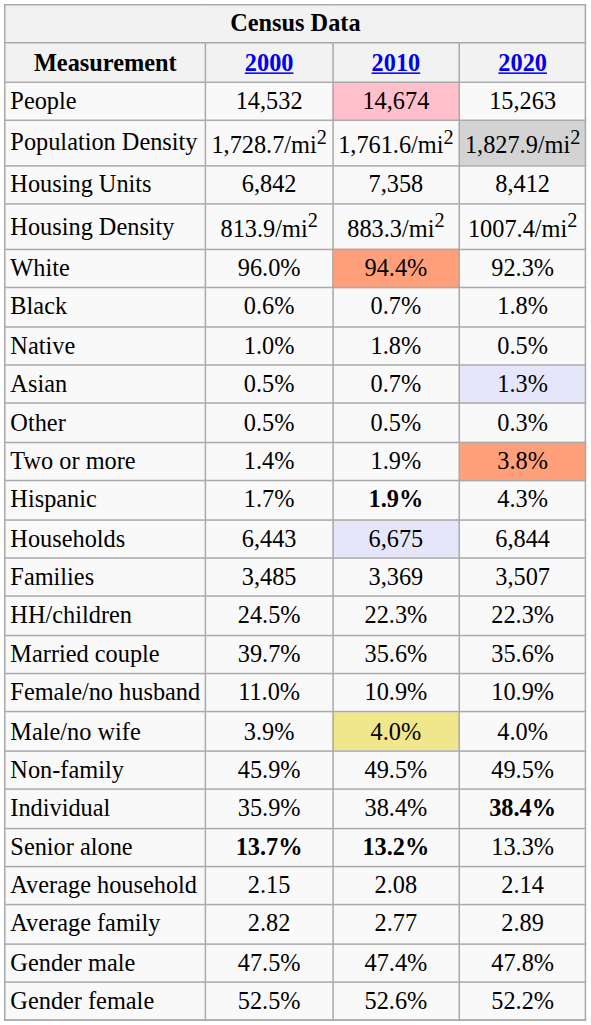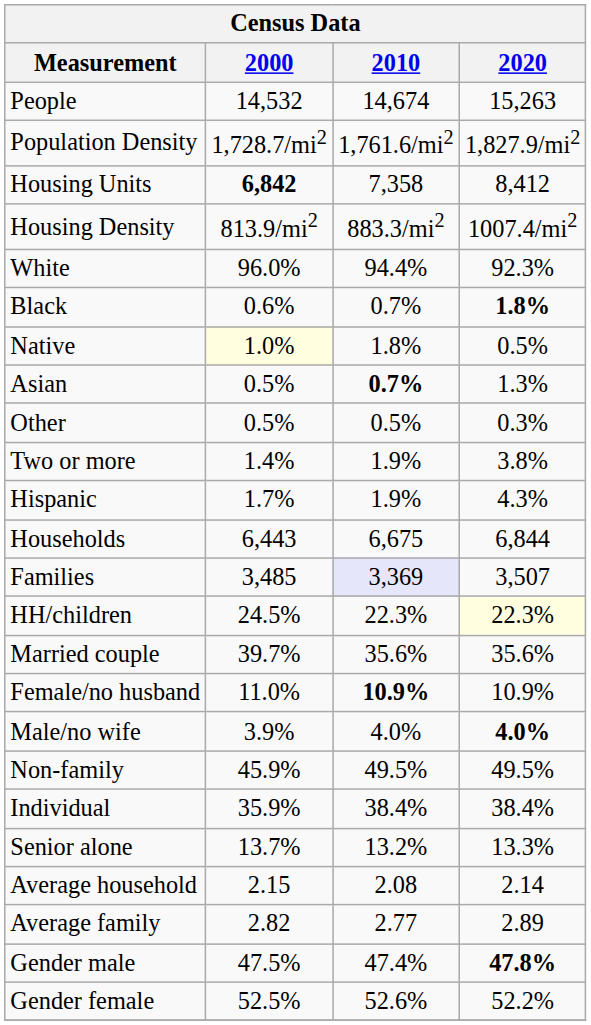 <table class="wikitable">
 <tr>
 <th colspan="4" scope="col">Census Data</th>
 </tr>
 <tr>
 <th>Measurement</th>
 <th><a href='#'>2000</a></th>
 <th><a href='#'>2010</a></th>
 <th><a href='#'>2020</a></th>
 </tr>
 <tr>
 <td>People</td>
 <td align="center">14,532</td>
-<td align="center" style="background: pink;">14,674</td>
+<td align="center">14,674</td>
 <td align="center">15,263</td>
 </tr>
 <tr>
 <td>Population Density</td>
 <td align="center">1,728.7/mi<sup>2</sup></td>
 <td align="center">1,761.6/mi<sup>2</sup></td>
-<td align="center" style="background: lightgrey;">1,827.9/mi<sup>2</sup></td>
+<td align="center">1,827.9/mi<sup>2</sup></td>
 </tr>
 <tr>
 <td>Housing Units</td>
-<td align="center">6,842</td>
+<td align="center"><strong>6,842</strong></td>
 <td align="center">7,358</td>
 <td align="center">8,412</td>
 </tr>
 <tr>
 <td>Housing Density</td>
 <td align="center">813.9/mi<sup>2</sup></td>
 <td align="center">883.3/mi<sup>2</sup></td>
 <td align="center">1007.4/mi<sup>2</sup></td>
 </tr>
 <tr>
 <td>White</td>
 <td align="center">96.0%</td>
-<td align="center" style="background: lightsalmon;">94.4%</td>
+<td align="center">94.4%</td>
 <td align="center">92.3%</td>
 </tr>
 <tr>
 <td>Black</td>
 <td align="center">0.6%</td>
 <td align="center">0.7%</td>
-<td align="center">1.8%</td>
+<td align="center"><strong>1.8%</strong></td>
 </tr>
 <tr>
 <td>Native</td>
-<td align="center">1.0%</td>
+<td align="center" style="background: lightyellow;">1.0%</td>
 <td align="center">1.8%</td>
 <td align="center">0.5%</td>
 </tr>
 <tr>
 <td>Asian</td>
 <td align="center">0.5%</td>
-<td align="center">0.7%</td>
-<td align="center" style="background: lavender;">1.3%</td>
+<td align="center"><strong>0.7%</strong></td>
+<td align="center">1.3%</td>
 </tr>
 <tr>
 <td>Other</td>
 <td align="center">0.5%</td>
 <td align="center">0.5%</td>
 <td align="center">0.3%</td>
 </tr>
 <tr>
 <td>Two or more</td>
 <td align="center">1.4%</td>
 <td align="center">1.9%</td>
-<td align="center" style="background: lightsalmon;">3.8%</td>
+<td align="center">3.8%</td>
 </tr>
 <tr>
 <td>Hispanic</td>
 <td align="center">1.7%</td>
-<td align="center"><strong>1.9%</strong></td>
+<td align="center">1.9%</td>
 <td align="center">4.3%</td>
 </tr>
 <tr>
 <td>Households</td>
 <td align="center">6,443</td>
-<td align="center" style="background: lavender;">6,675</td>
+<td align="center">6,675</td>
 <td align="center">6,844</td>
 </tr>
 <tr>
 <td>Families</td>
 <td align="center">3,485</td>
-<td align="center">3,369</td>
+<td align="center" style="background: lavender;">3,369</td>
 <td align="center">3,507</td>
 </tr>
 <tr>
 <td>HH/children</td>
 <td align="center">24.5%</td>
 <td align="center">22.3%</td>
-<td align="center">22.3%</td>
+<td align="center" style="background: lightyellow;">22.3%</td>
 </tr>
 <tr>
 <td>Married couple</td>
 <td align="center">39.7%</td>
 <td align="center">35.6%</td>
 <td align="center">35.6%</td>
 </tr>
 <tr>
 <td>Female/no husband</td>
 <td align="center">11.0%</td>
-<td align="center">10.9%</td>
+<td align="center"><strong>10.9%</strong></td>
 <td align="center">10.9%</td>
 </tr>
 <tr>
 <td>Male/no wife</td>
 <td align="center">3.9%</td>
-<td align="center" style="background: khaki;">4.0%</td>
 <td align="center">4.0%</td>
+<td align="center"><strong>4.0%</strong></td>
 </tr>
 <tr>
 <td>Non-family</td>
 <td align="center">45.9%</td>
 <td align="center">49.5%</td>
 <td align="center">49.5%</td>
 </tr>
 <tr>
 <td>Individual</td>
 <td align="center">35.9%</td>
 <td align="center">38.4%</td>
-<td align="center"><strong>38.4%</strong></td>
+<td align="center">38.4%</td>
 </tr>
 <tr>
 <td>Senior alone</td>
-<td align="center"><strong>13.7%</strong></td>
-<td align="center"><strong>13.2%</strong></td>
+<td align="center">13.7%</td>
+<td align="center">13.2%</td>
 <td align="center">13.3%</td>
 </tr>
 <tr>
 <td>Average household</td>
 <td align="center">2.15</td>
 <td align="center">2.08</td>
 <td align="center">2.14</td>
 </tr>
 <tr>
 <td>Average family</td>
 <td align="center">2.82</td>
 <td align="center">2.77</td>
 <td align="center">2.89</td>
 </tr>
 <tr>
 <td>Gender male</td>
 <td align="center">47.5%</td>
 <td align="center">47.4%</td>
-<td align="center">47.8%</td>
+<td align="center"><strong>47.8%</strong></td>
 </tr>
 <tr>
 <td>Gender female</td>
 <td align="center">52.5%</td>
 <td align="center">52.6%</td>
 <td align="center">52.2%</td>
 </tr>
 <tr>
 </tr>
 </table>
